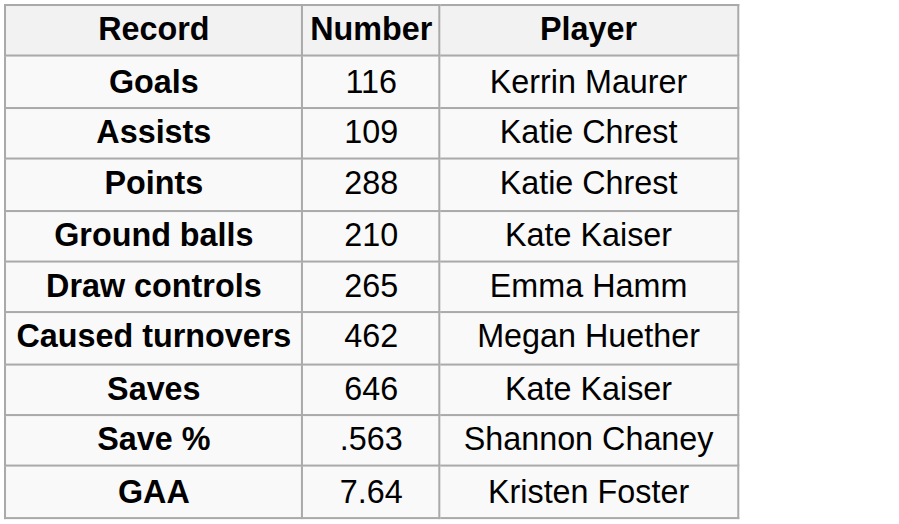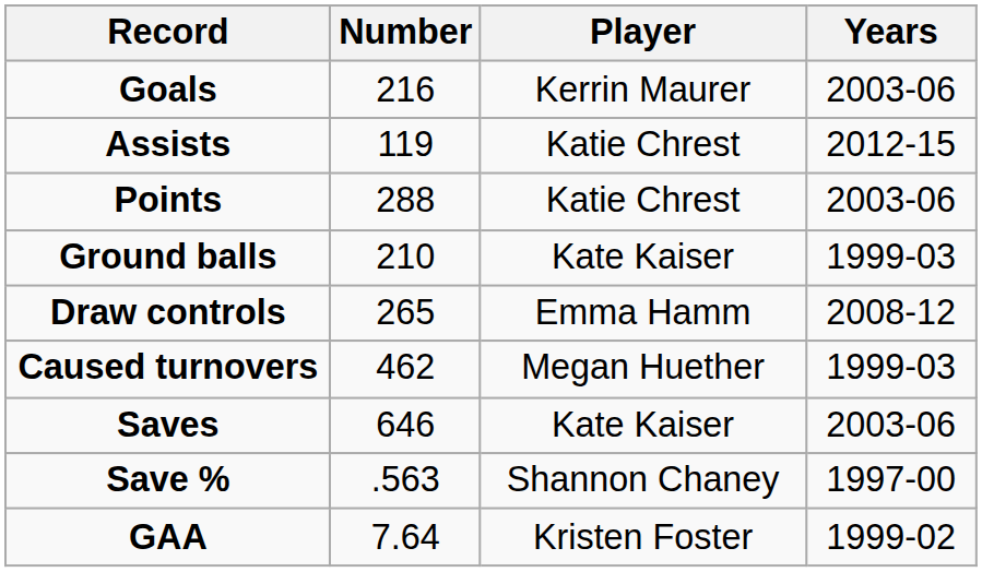 <table class="wikitable">
 <tr>
 <th style="width:140px; ">Record</th>
 <th style="width:35px; ">Number</th>
 <th style="width:140px; ">Player</th>
+<th style="width:70px; ">Years</th>
 </tr>
 <tr style="text-align:center;">
 <td><strong>Goals</strong></td>
-<td>116</td>
+<td>216</td>
 <td>Kerrin Maurer</td>
+<td>2003-06</td>
 </tr>
 <tr style="text-align:center;">
 <td><strong>Assists</strong></td>
-<td>109</td>
+<td>119</td>
 <td>Katie Chrest</td>
+<td>2012-15</td>
 </tr>
 <tr style="text-align:center;">
 <td><strong>Points</strong></td>
 <td>288</td>
 <td>Katie Chrest</td>
+<td>2003-06</td>
 </tr>
 <tr style="text-align:center;">
 <td><strong>Ground balls</strong></td>
 <td>210</td>
 <td>Kate Kaiser</td>
+<td>1999-03</td>
 </tr>
 <tr style="text-align:center;">
 <td><strong>Draw controls</strong></td>
 <td>265</td>
 <td>Emma Hamm</td>
+<td>2008-12</td>
 </tr>
 <tr style="text-align:center;">
 <td><strong>Caused turnovers</strong></td>
 <td>462</td>
 <td>Megan Huether</td>
+<td>1999-03</td>
 </tr>
 <tr style="text-align:center;">
 <td><strong>Saves</strong></td>
 <td>646</td>
 <td>Kate Kaiser</td>
+<td>2003-06</td>
 </tr>
 <tr style="text-align:center;">
 <td><strong>Save %</strong></td>
 <td>.563</td>
 <td>Shannon Chaney</td>
+<td>1997-00</td>
 </tr>
 <tr style="text-align:center;">
 <td><strong>GAA</strong></td>
 <td>7.64</td>
 <td>Kristen Foster</td>
+<td>1999-02</td>
 </tr>
 </table>
